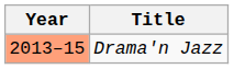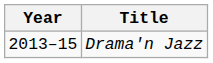 <table class="wikitable">
 <tr>
 <th>Year</th>
 <th>Title</th>
 </tr>
 <tr>
-<td style="background: lightsalmon;">2013–15</td>
+<td>2013–15</td>
 <td><em>Drama'n Jazz </em></td>
 </tr>
 </table>
